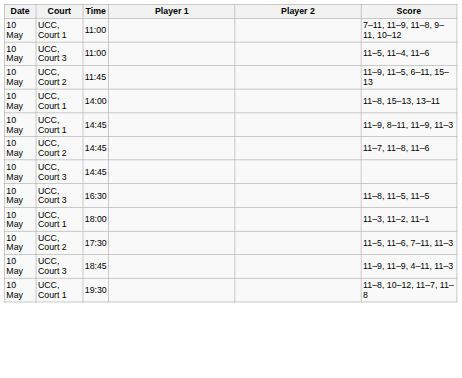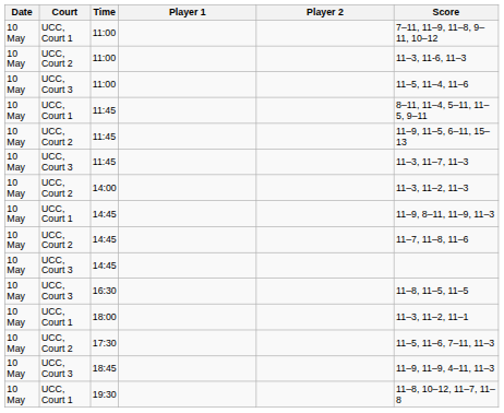 <table class="sortable wikitable" style="font-size:90%">
 <tr>
 <th width="45" class="unsortable">Date</th>
 <th width="70">Court</th>
 <th width="30">Time</th>
 <th width="200">Player 1</th>
 <th width="200">Player 2</th>
 <th width="150" class="unsortable">Score</th>
 </tr>
 <tr>
 <td>10 May</td>
 <td>UCC, Court 1</td>
 <td>11:00</td>
 <td></td>
 <td><strong></strong></td>
 <td>7–11, 11–9, 11–8, 9–11, 10–12</td>
 </tr>
 <tr>
 <td>10 May</td>
+<td>UCC, Court 2</td>
+<td>11:00</td>
+<td><strong></strong></td>
+<td></td>
+<td>11–3, 11-6, 11–3</td>
+</tr>
+<tr>
+<td>10 May</td>
 <td>UCC, Court 3</td>
 <td>11:00</td>
 <td><strong></strong></td>
 <td></td>
 <td>11–5, 11–4, 11–6</td>
+</tr>
+<tr>
+<td>10 May</td>
+<td>UCC, Court 1</td>
+<td>11:45</td>
+<td></td>
+<td><strong></strong></td>
+<td>8–11, 11–4, 5–11, 11–5, 9–11</td>
 </tr>
 <tr>
 <td>10 May</td>
 <td>UCC, Court 2</td>
 <td>11:45</td>
 <td><strong></strong></td>
 <td></td>
 <td>11–9, 11–5, 6–11, 15–13</td>
 </tr>
 <tr>
 <td>10 May</td>
-<td>UCC, Court 1</td>
+<td>UCC, Court 3</td>
+<td>11:45</td>
+<td><strong></strong></td>
+<td></td>
+<td>11–3, 11–7, 11–3</td>
+</tr>
+<tr>
+<td>10 May</td>
+<td>UCC, Court 2</td>
 <td>14:00</td>
 <td><strong></strong></td>
 <td></td>
-<td>11–8, 15–13, 13–11</td>
+<td>11–3, 11–2, 11–3</td>
 </tr>
 <tr>
 <td>10 May</td>
 <td>UCC, Court 1</td>
 <td>14:45</td>
 <td><strong></strong></td>
 <td></td>
 <td>11–9, 8–11, 11–9, 11–3</td>
 </tr>
 <tr>
 <td>10 May</td>
 <td>UCC, Court 2</td>
 <td>14:45</td>
 <td><strong></strong></td>
 <td></td>
 <td>11–7, 11–8, 11–6</td>
 </tr>
 <tr>
 <td>10 May</td>
 <td>UCC, Court 3</td>
 <td>14:45</td>
 <td></td>
 <td></td>
 <td></td>
 </tr>
 <tr>
 <td>10 May</td>
 <td>UCC, Court 3</td>
 <td>16:30</td>
 <td><strong></strong></td>
 <td></td>
 <td>11–8, 11–5, 11–5</td>
 </tr>
 <tr>
 <td>10 May</td>
 <td>UCC, Court 1</td>
 <td>18:00</td>
 <td><strong></strong></td>
 <td></td>
 <td>11–3, 11–2, 11–1</td>
 </tr>
 <tr>
 <td>10 May</td>
 <td>UCC, Court 2</td>
 <td>17:30</td>
 <td><strong></strong></td>
 <td></td>
 <td>11–5, 11–6, 7–11, 11–3</td>
 </tr>
 <tr>
 <td>10 May</td>
 <td>UCC, Court 3</td>
 <td>18:45</td>
 <td><strong></strong></td>
 <td></td>
 <td>11–9, 11–9, 4–11, 11–3</td>
 </tr>
 <tr>
 <td>10 May</td>
 <td>UCC, Court 1</td>
 <td>19:30</td>
 <td><strong></strong></td>
 <td></td>
 <td>11–8, 10–12, 11–7, 11–8</td>
 </tr>
 </table>
